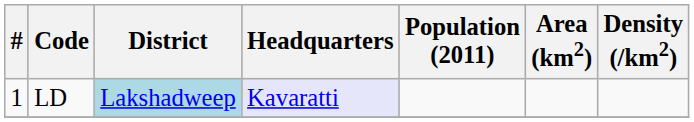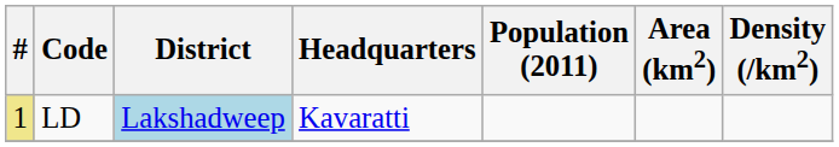 <table class="wikitable sortable">
 <tr>
 <th>#</th>
 <th>Code</th>
 <th>District</th>
 <th>Headquarters</th>
 <th>Population <br>(2011)</th>
 <th>Area <br>(km<sup>2</sup>)</th>
 <th>Density <br>(/km<sup>2</sup>)</th>
 </tr>
 <tr>
-<td>1</td>
+<td style="background: khaki;">1</td>
 <td>LD</td>
 <td style="background: lightblue;"><a href='#'>Lakshadweep</a></td>
-<td style="background: lavender;"><a href='#'>Kavaratti</a></td>
+<td><a href='#'>Kavaratti</a></td>
 <td> </td>
 <td> </td>
 <td> </td>
 </tr>
 <tr>
 </tr>
 </table>
